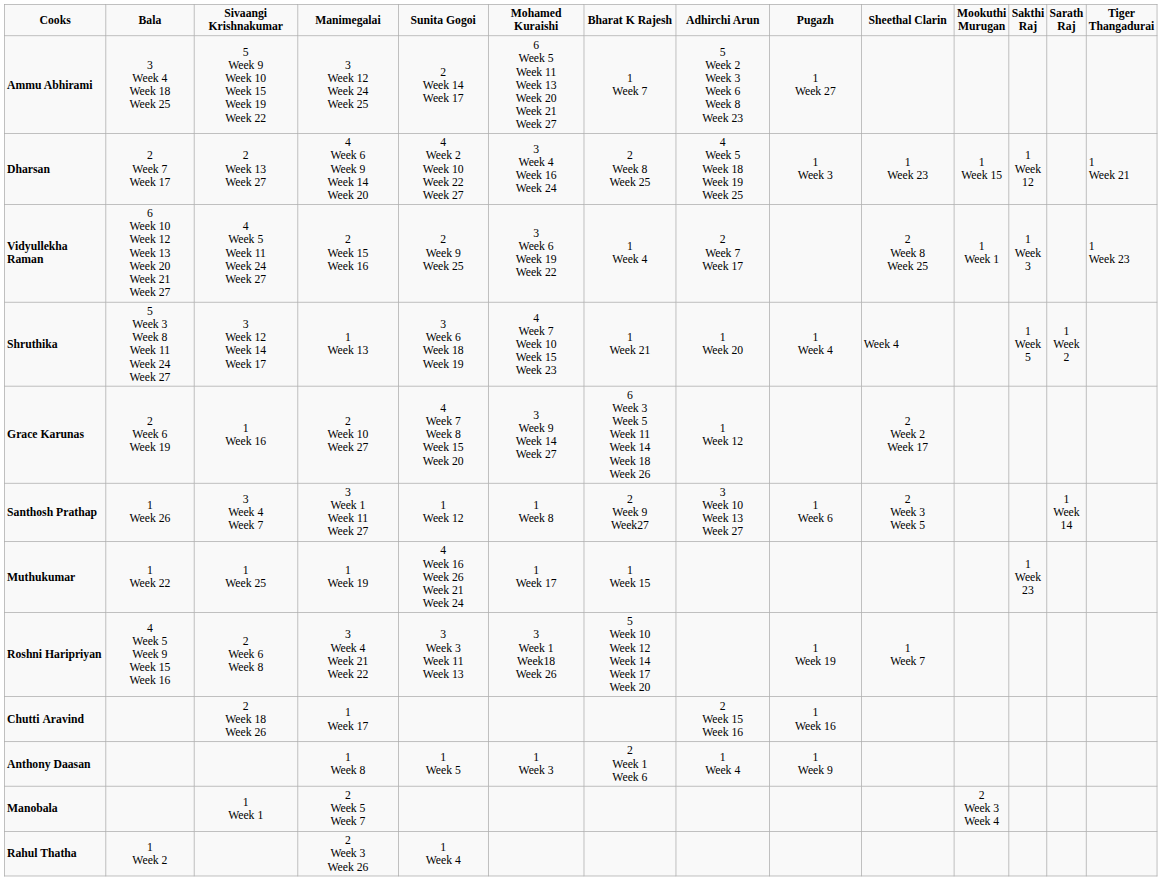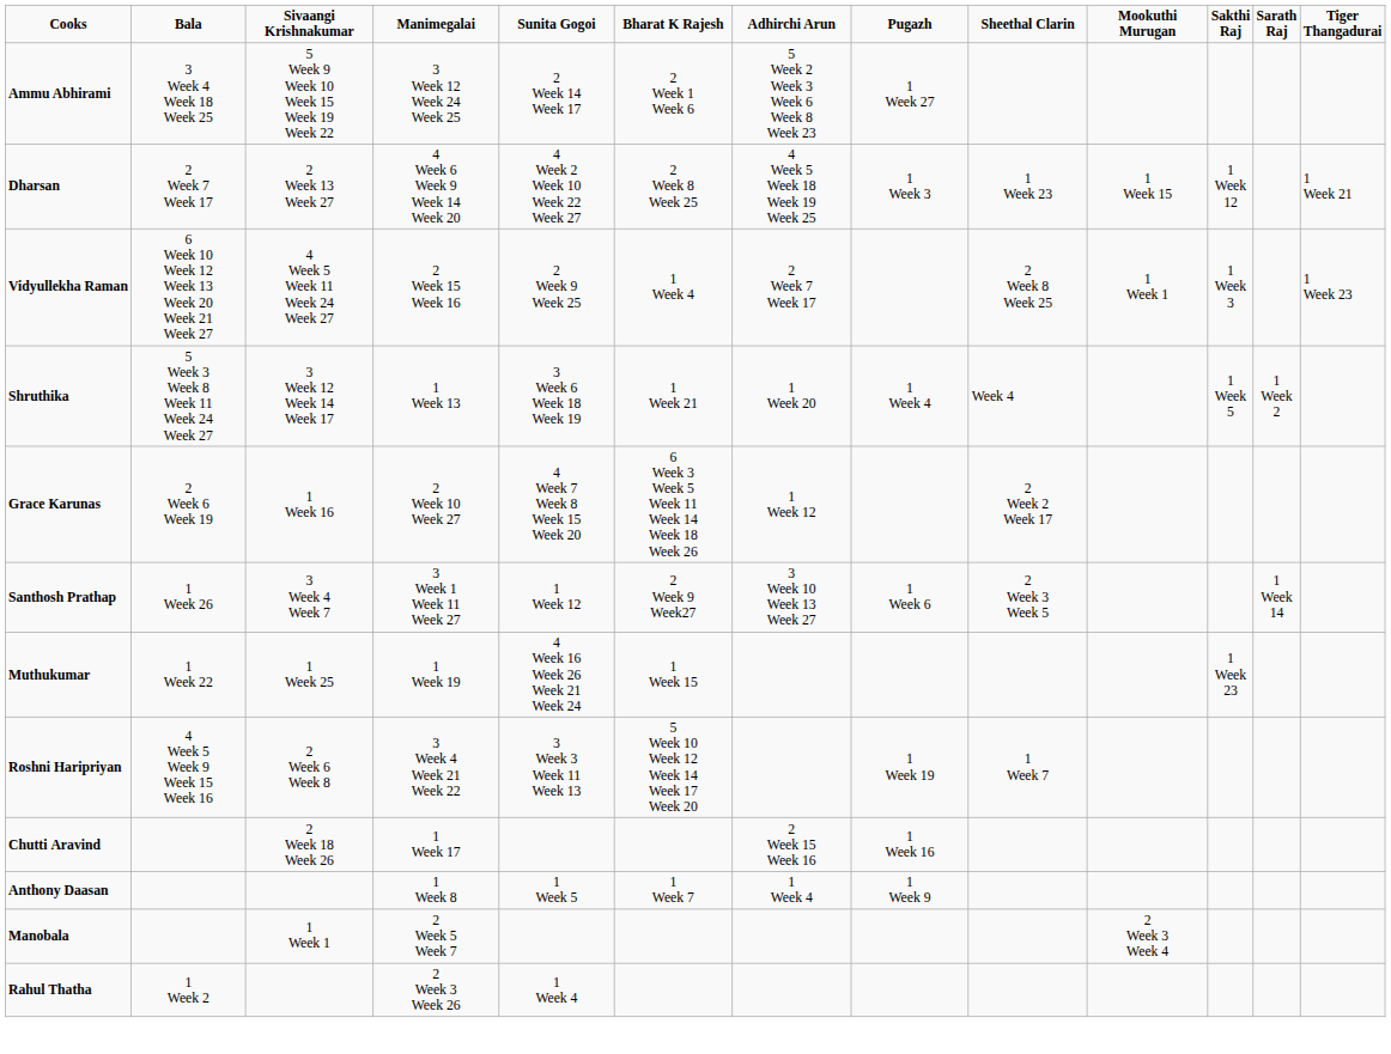 <table class="wikitable sortable plainrowheaders" width="125%" textcolor:"#000;">
 <tr>
 <td scope="col" width=10% style="text-align:center;"><strong>Cooks<br></strong></td>
 <td scope="col" width=10% style="text-align:center;"><strong>Bala</strong></td>
 <td scope="col" width=10% style="text-align:center;"><strong>Sivaangi Krishnakumar</strong></td>
 <td scope="col" width=10% style="text-align:center;"><strong>Manimegalai</strong></td>
 <td scope="col" width=10% style="text-align:center;"><strong>Sunita Gogoi</strong></td>
-<td scope="col" width=10% style="text-align:center;"><strong>Mohamed Kuraishi</strong></td>
 <td scope="col" width=10% style="text-align:center;"><strong>Bharat K Rajesh</strong></td>
 <td scope="col" width=10% style="text-align:center;"><strong>Adhirchi Arun</strong></td>
 <td scope="col" width=10% style="text-align:center;"><strong>Pugazh</strong></td>
 <td scope="col" width=10% style="text-align:center;"><strong>Sheethal Clarin</strong></td>
 <td scope="col" width=10% style="text-align:center;"><strong>Mookuthi Murugan</strong></td>
 <td scope="col" width=10% style="text-align:center;"><strong>Sakthi Raj</strong></td>
 <td scope="col" width=10% style="text-align:center;"><strong>Sarath Raj</strong></td>
 <td scope="col" width=10% style="text-align:center;"><strong>Tiger Thangadurai</strong></td>
 </tr>
 <tr>
 <td><strong>Ammu Abhirami</strong></td>
 <td style="text-align:center;">3 <br> Week 4 <br> Week 18 <br> Week 25</td>
 <td style="text-align:center;">5 <br> Week 9 <br> Week 10 <br> Week 15 <br> Week 19 <br> Week 22</td>
 <td style="text-align:center;">3 <br> Week 12 <br> Week 24 <br> Week 25</td>
 <td style="text-align:center;">2 <br> Week 14 <br> Week 17</td>
-<td style="text-align:center;">6 <br> Week 5 <br> Week 11 <br> Week 13 <br> Week 20 <br> Week 21 <br> Week 27</td>
-<td style="text-align:center;">1 <br> Week 7</td>
+<td style="text-align:center;">2 <br> Week 1 <br> Week 6</td>
 <td style="text-align:center;">5 <br> Week 2 <br> Week 3 <br> Week 6 <br> Week 8<br>Week 23</td>
 <td style="text-align:center;">1 <br> Week 27</td>
 <td></td>
 <td></td>
 <td></td>
 <td></td>
 <td></td>
 </tr>
 <tr>
 <td><strong>Dharsan</strong></td>
 <td style="text-align:center;">2 <br> Week 7 <br> Week 17</td>
 <td style="text-align:center;">2 <br> Week 13<br>Week 27</td>
 <td style="text-align:center;">4 <br> Week 6 <br> Week 9 <br> Week 14 <br> Week 20</td>
 <td style="text-align:center;">4 <br> Week 2 <br> Week 10 <br> Week 22 <br> Week 27</td>
-<td style="text-align:center;">3 <br> Week 4 <br> Week 16 <br> Week 24</td>
 <td style="text-align:center;">2 <br> Week 8 <br> Week 25</td>
 <td style="text-align:center;">4 <br> Week 5 <br> Week 18 <br> Week 19 <br> Week 25</td>
 <td style="text-align:center;">1 <br> Week 3</td>
 <td style="text-align:center;">1 <br> Week 23</td>
 <td style="text-align:center;">1 <br> Week 15</td>
 <td style="text-align:center;">1<br>Week 12</td>
 <td></td>
 <td>1<br>Week 21</td>
 </tr>
 <tr>
 <td><strong>Vidyullekha Raman</strong></td>
 <td style="text-align:center;">6<br> Week 10 <br> Week 12 <br> Week 13  <br> Week 20<br>Week 21<br>Week 27</td>
 <td style="text-align:center;">4 <br> Week 5 <br> Week 11 <br> Week 24 <br> Week 27</td>
 <td style="text-align:center;">2 <br> Week 15 <br> Week 16</td>
 <td style="text-align:center;">2 <br> Week 9 <br> Week 25</td>
-<td style="text-align:center;">3 <br> Week 6 <br> Week 19 <br> Week 22</td>
 <td style="text-align:center;">1 <br> Week 4</td>
 <td style="text-align:center;">2 <br> Week 7 <br> Week 17</td>
 <td></td>
 <td style="text-align:center;">2 <br> Week 8 <br> Week 25</td>
 <td style="text-align:center;">1 <br> Week 1</td>
 <td style="text-align:center;">1<br>Week 3</td>
 <td></td>
 <td>1<br>Week 23</td>
 </tr>
 <tr>
 <td><strong>Shruthika</strong></td>
 <td style="text-align:center;">5 <br> Week 3 <br> Week 8 <br> Week 11 <br> Week 24 <br> Week  27</td>
 <td style="text-align:center;">3 <br> Week 12 <br> Week 14 <br> Week 17</td>
 <td style="text-align:center;">1 <br> Week 13</td>
 <td style="text-align:center;">3 <br> Week 6 <br> Week 18 <br> Week 19</td>
-<td style="text-align:center;">4<br> Week 7 <br> Week 10 <br> Week 15<br>Week 23</td>
 <td style="text-align:center;">1 <br> Week 21</td>
 <td style="text-align:center;">1 <br> Week 20</td>
 <td style="text-align:center;">1 <br> Week 4</td>
 <td>Week 4</td>
 <td></td>
 <td style="text-align:center;">1<br>Week 5</td>
 <td style="text-align:center;">1 <br> Week 2</td>
 <td></td>
 </tr>
 <tr>
 <td><strong>Grace Karunas</strong></td>
 <td style="text-align:center;">2 <br> Week 6 <br> Week 19</td>
 <td style="text-align:center;">1 <br>Week 16</td>
 <td style="text-align:center;">2 <br>Week 10<br>Week 27</td>
 <td style="text-align:center;">4 <br>Week 7 <br> Week 8 <br> Week 15  <br> Week 20</td>
-<td style="text-align:center;">3 <br> Week 9 <br> Week 14 <br> Week 27</td>
 <td style="text-align:center;">6 <br> Week 3 <br> Week 5 <br> Week 11 <br> Week 14 <br> Week 18 <br> Week 26</td>
 <td style="text-align:center;">1 <br> Week 12</td>
 <td></td>
 <td style="text-align:center;">2 <br> Week 2 <br> Week 17</td>
 <td></td>
 <td></td>
 <td></td>
 <td></td>
 </tr>
 <tr>
 <td><strong>Santhosh</strong> <strong>Prathap</strong></td>
 <td style="text-align:center;">1 <br> Week 26</td>
 <td style="text-align:center;">3 <br> Week 4 <br> Week 7</td>
 <td style="text-align:center;">3 <br> Week 1 <br> Week 11 <br> Week 27</td>
 <td style="text-align:center;">1 <br> Week 12</td>
-<td style="text-align:center;">1 <br> Week 8</td>
 <td style="text-align:center;">2<br> Week 9<br>Week27</td>
 <td style="text-align:center;">3<br> Week 10 <br> Week 13<br>Week 27</td>
 <td style="text-align:center;">1 <br> Week 6</td>
 <td style="text-align:center;">2 <br> Week 3 <br> Week 5</td>
 <td></td>
 <td></td>
 <td style="text-align:center;">1 <br> Week 14</td>
 <td></td>
 </tr>
 <tr>
 <td><strong>Muthukumar</strong></td>
 <td style="text-align:center;">1 <br> Week 22</td>
 <td style="text-align:center;">1  <br> Week 25</td>
 <td style="text-align:center;">1 <br> Week 19</td>
 <td style="text-align:center;">4 <br> Week 16 <br> Week 26<br>Week 21<br> Week 24</td>
-<td style="text-align:center;">1<br> Week 17 <br></td>
 <td style="text-align:center;">1 <br> Week 15</td>
 <td></td>
 <td></td>
 <td></td>
 <td></td>
 <td style="text-align:center;">1 <br> Week 23</td>
 <td></td>
 <td></td>
 </tr>
 <tr>
 <td><strong>Roshni Haripriyan</strong></td>
 <td style="text-align:center;">4<br> Week 5 <br> Week 9 <br> Week 15 <br> Week 16</td>
 <td style="text-align:center;">2 <br> Week 6 <br> Week 8</td>
 <td style="text-align:center;">3<br> Week 4<br> Week 21 <br> Week 22</td>
 <td style="text-align:center;">3 <br> Week 3 <br> Week 11 <br> Week 13</td>
-<td style="text-align:center;">3 <br> Week 1 <br> Week18 <br> Week 26</td>
 <td style="text-align:center;">5 <br> Week 10 <br> Week 12 <br> Week 14 <br> Week 17 <br> Week 20</td>
 <td></td>
 <td style="text-align:center;">1 <br> Week 19</td>
 <td style="text-align:center;">1 <br> Week 7</td>
 <td></td>
 <td></td>
 <td></td>
 <td></td>
 </tr>
 <tr>
 <td><strong>Chutti</strong> <strong>Aravind</strong></td>
 <td></td>
 <td style="text-align:center;">2 <br>Week 18 <br> Week 26</td>
 <td style="text-align:center;">1 <br>Week 17</td>
 <td></td>
 <td></td>
-<td></td>
 <td style="text-align:center;">2 <br> Week 15 <br> Week 16</td>
 <td style="text-align:center;">1 <br> Week 16</td>
 <td></td>
 <td></td>
 <td></td>
 <td></td>
 <td></td>
 </tr>
 <tr>
 <td><strong>Anthony</strong> <strong>Daasan</strong></td>
 <td></td>
 <td></td>
 <td style="text-align:center;">1 <br> Week 8</td>
 <td style="text-align:center;">1 <br> Week 5</td>
-<td style="text-align:center;">1 <br> Week 3</td>
-<td style="text-align:center;">2 <br> Week 1 <br> Week 6</td>
+<td style="text-align:center;">1 <br> Week 7</td>
 <td style="text-align:center;">1 <br> Week 4</td>
 <td style="text-align:center;">1 <br> Week 9</td>
 <td></td>
 <td></td>
 <td></td>
 <td></td>
 <td></td>
 </tr>
 <tr>
 <td><strong>Manobala</strong></td>
 <td></td>
 <td style="text-align:center;">1 <br> Week 1</td>
 <td style="text-align:center;">2 <br> Week 5 <br> Week 7</td>
-<td></td>
 <td></td>
 <td></td>
 <td></td>
 <td></td>
 <td></td>
 <td style="text-align:center;">2 <br> Week 3 <br> Week 4</td>
 <td></td>
 <td></td>
 <td></td>
 </tr>
 <tr>
 <td><strong>Rahul Thatha</strong></td>
 <td style="text-align:center;">1 <br>Week 2</td>
 <td></td>
 <td style="text-align:center;">2 <br> Week 3 <br> Week 26</td>
 <td style="text-align:center;">1 <br> Week 4</td>
 <td></td>
 <td></td>
 <td></td>
 <td></td>
 <td></td>
 <td></td>
 <td></td>
 <td></td>
-<td></td>
 </tr>
 </table>
